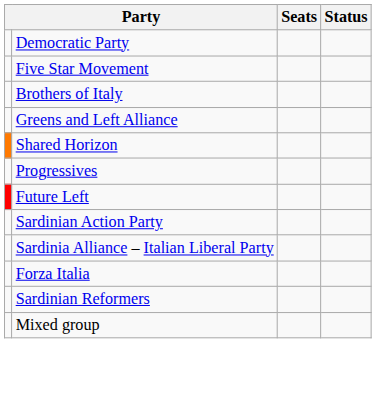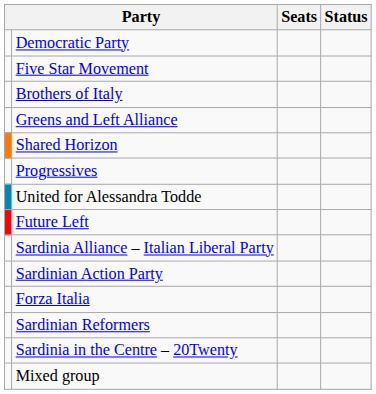 <table class=wikitable>
 <tr>
 <th colspan=2>Party</th>
 <th>Seats</th>
 <th>Status</th>
 </tr>
 <tr>
 <td></td>
 <td><a href='#'>Democratic Party</a></td>
 <td></td>
 <td></td>
 </tr>
 <tr>
 <td></td>
 <td><a href='#'>Five Star Movement</a></td>
 <td></td>
 <td></td>
 </tr>
 <tr>
 <td></td>
 <td><a href='#'>Brothers of Italy</a></td>
 <td></td>
 <td></td>
 </tr>
 <tr>
 <td></td>
 <td><a href='#'>Greens and Left Alliance</a></td>
 <td></td>
 <td></td>
 </tr>
 <tr>
 <td style="color:inherit;background:#FF7900"></td>
 <td><a href='#'>Shared Horizon</a></td>
 <td></td>
 <td></td>
 </tr>
 <tr>
 <td></td>
 <td><a href='#'>Progressives</a></td>
 <td></td>
 <td></td>
 </tr>
 <tr>
+<td bgcolor="	#0087BD"></td>
+<td>United for Alessandra Todde</td>
+<td></td>
+<td></td>
+</tr>
+<tr>
 <td style="color:inherit;background:#FF0000"></td>
 <td><a href='#'>Future Left</a></td>
 <td></td>
 <td></td>
 </tr>
 <tr>
 <td></td>
-<td><a href='#'>Sardinian Action Party</a></td>
+<td><a href='#'>Sardinia Alliance</a> – <a href='#'>Italian Liberal Party</a></td>
 <td></td>
 <td></td>
 </tr>
 <tr>
 <td></td>
-<td><a href='#'>Sardinia Alliance</a> – <a href='#'>Italian Liberal Party</a></td>
+<td><a href='#'>Sardinian Action Party</a></td>
 <td></td>
 <td></td>
 </tr>
 <tr>
 <td></td>
 <td><a href='#'>Forza Italia</a></td>
 <td></td>
 <td></td>
 </tr>
 <tr>
 <td></td>
 <td><a href='#'>Sardinian Reformers</a></td>
 <td></td>
 <td></td>
 </tr>
 <tr>
 <td></td>
+<td><a href='#'>Sardinia in the Centre</a> – <a href='#'>20Twenty</a></td>
+<td></td>
+<td></td>
+</tr>
+<tr>
+<td></td>
 <td>Mixed group</td>
 <td></td>
 <td></td>
 </tr>
 </table>
